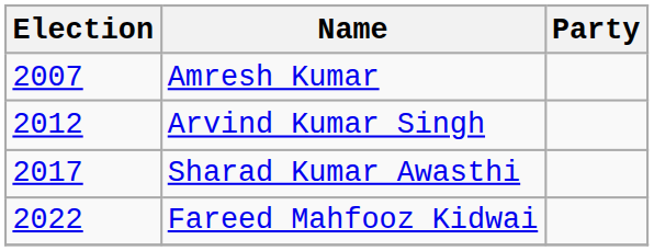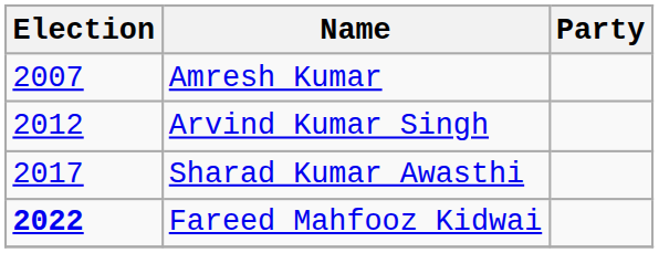 <table class="wikitable sortable">
 <tr>
 <th>Election</th>
 <th>Name</th>
 <th colspan=2>Party</th>
 </tr>
 <tr>
 <td><a href='#'>2007</a></td>
 <td><a href='#'>Amresh Kumar</a></td>
 <td></td>
 </tr>
 <tr>
 <td><a href='#'>2012</a></td>
 <td><a href='#'>Arvind Kumar Singh</a></td>
 <td></td>
 </tr>
 <tr>
 <td><a href='#'>2017</a></td>
 <td><a href='#'>Sharad Kumar Awasthi</a></td>
 <td></td>
 </tr>
 <tr>
-<td><a href='#'>2022</a></td>
+<td><strong><a href='#'>2022</a></strong></td>
 <td><a href='#'>Fareed Mahfooz Kidwai</a></td>
 <td></td>
 </tr>
 <tr>
 </tr>
 </table>
